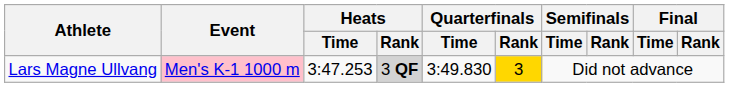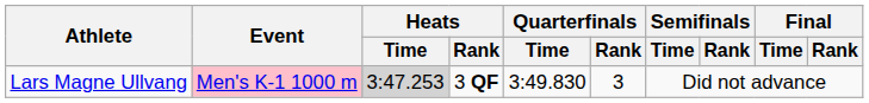 <table class=wikitable style="font-size:90%">
 <tr>
 <th rowspan="2">Athlete</th>
 <th rowspan="2">Event</th>
 <th colspan=2>Heats</th>
 <th colspan=2>Quarterfinals</th>
 <th colspan=2>Semifinals</th>
 <th colspan=2>Final</th>
 </tr>
 <tr style="font-size:95%">
 <th>Time</th>
 <th>Rank</th>
 <th>Time</th>
 <th>Rank</th>
 <th>Time</th>
 <th>Rank</th>
 <th>Time</th>
 <th>Rank</th>
 </tr>
 <tr align=center>
 <td align=left><a href='#'>Lars Magne Ullvang</a></td>
 <td align=left style="background: pink;"><a href='#'>Men's K-1 1000 m</a></td>
-<td>3:47.253</td>
-<td style="background: lightgrey;">3 <strong>QF</strong></td>
+<td style="background: lightgrey;">3:47.253</td>
+<td>3 <strong>QF</strong></td>
 <td>3:49.830</td>
-<td style="background: gold;">3</td>
+<td>3</td>
 <td colspan=4>Did not advance</td>
 </tr>
 </table>
